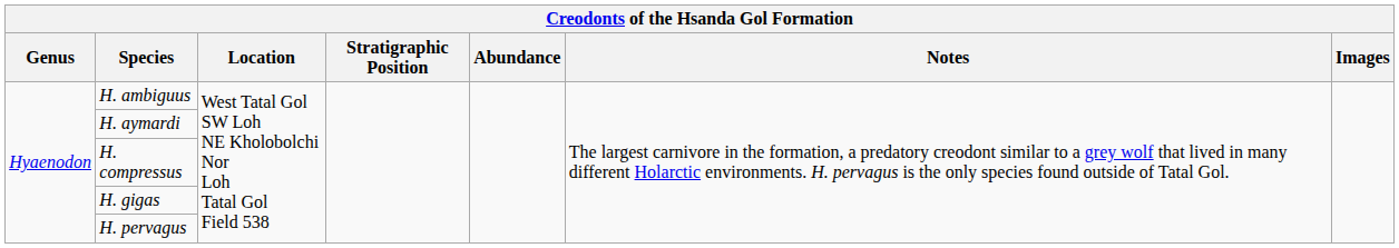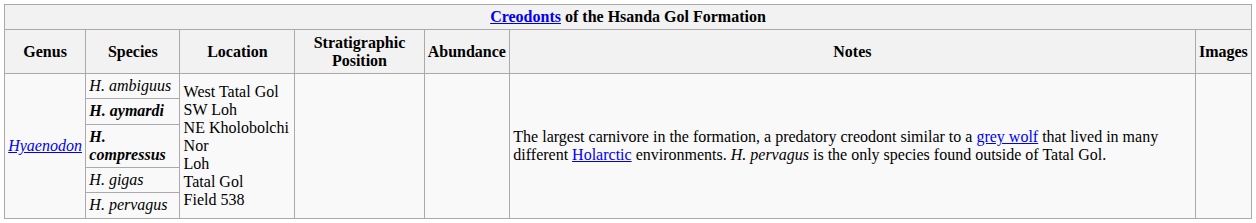 <table class="wikitable">
 <tr>
 <th colspan="7" align="center"><strong><a href='#'>Creodonts</a> of the Hsanda Gol Formation</strong></th>
 </tr>
 <tr>
 <th>Genus</th>
 <th>Species</th>
 <th>Location</th>
 <th>Stratigraphic Position</th>
 <th>Abundance</th>
 <th>Notes</th>
 <th>Images</th>
 </tr>
 <tr>
 <td rowspan = "5"><em><a href='#'>Hyaenodon</a></em></td>
 <td><em>H. ambiguus</em></td>
 <td rowspan = "5">West Tatal Gol<br>SW Loh<br>NE Kholobolchi Nor<br>Loh<br>Tatal Gol<br>Field 538</td>
 <td rowspan = "5"></td>
 <td rowspan = "5"></td>
 <td rowspan = "5">The largest carnivore in the formation, a predatory creodont similar to a <a href='#'>grey wolf</a> that lived in many different <a href='#'>Holarctic</a> environments. <em>H. pervagus</em> is the only species found outside of Tatal Gol.</td>
 <td rowspan = "5"></td>
 </tr>
 <tr>
-<td><em>H. aymardi</em></td>
+<td><strong><em>H. aymardi</em></strong></td>
 </tr>
 <tr>
-<td><em>H. compressus</em></td>
+<td><strong><em>H. compressus</em></strong></td>
 </tr>
 <tr>
 <td><em>H. gigas</em></td>
 </tr>
 <tr>
 <td><em>H. pervagus</em></td>
 </tr>
 </table>
